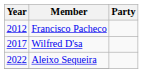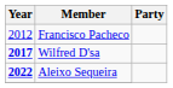 <table class="wikitable sortable">
 <tr>
 <th>Year</th>
 <th>Member</th>
 <th colspan="2">Party</th>
 </tr>
 <tr>
 <td><a href='#'>2012</a></td>
 <td><a href='#'>Francisco Pacheco</a></td>
 <td></td>
 </tr>
 <tr>
-<td><a href='#'>2017</a></td>
+<td><strong><a href='#'>2017</a></strong></td>
 <td><a href='#'>Wilfred D'sa</a></td>
 <td></td>
 </tr>
 <tr>
-<td><a href='#'>2022</a></td>
+<td><strong><a href='#'>2022</a></strong></td>
 <td><a href='#'>Aleixo Sequeira</a></td>
 </tr>
 <tr>
 </tr>
 </table>
